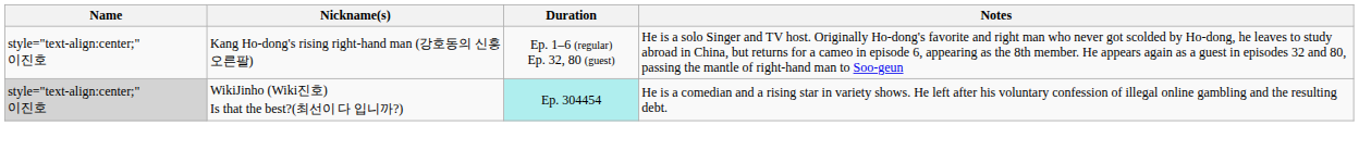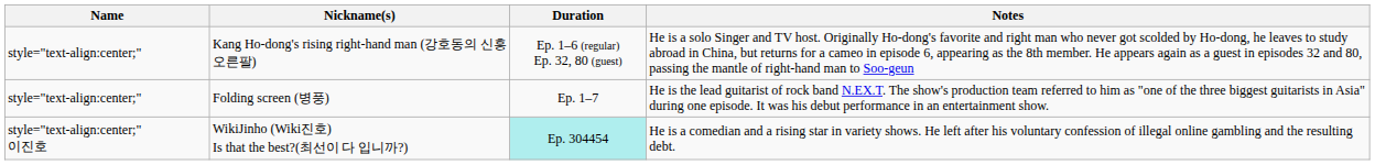 <table class="wikitable" style="font-size:95%">
 <tr>
 <th style="width:15%; text-align:center;">Name</th>
 <th style="width:22%; text-align:center;">Nickname(s)</th>
 <th style="width:10%; text-align:center;">Duration</th>
 <th style="width:55%; text-align:center;">Notes</th>
 </tr>
 <tr>
-<td>style="text-align:center;" <br>이진호</td>
+<td>style="text-align:center;" </td>
 <td>Kang Ho-dong's rising right-hand man (강호동의 신흥 오른팔)</td>
 <td style="text-align:center;">Ep. 1–6 <small>(regular)</small><br> Ep. 32, 80 <small>(guest)</small></td>
 <td>He is a solo Singer and TV host. Originally Ho-dong's favorite and right man who never got scolded by Ho-dong, he leaves to study abroad in China, but returns for a cameo in episode 6, appearing as the 8th member. He appears again as a guest in episodes 32 and 80, passing the mantle of right-hand man to <a href='#'>Soo-geun</a></td>
 </tr>
 <tr>
-<td style="background: lightgrey;">style="text-align:center;" <br>이진호</td>
+<td>style="text-align:center;" </td>
+<td>Folding screen (병풍)</td>
+<td style="text-align:center;">Ep. 1–7</td>
+<td>He is the lead guitarist of rock band <a href='#'>N.EX.T</a>. The show's production team referred to him as "one of the three biggest guitarists in Asia" during one episode. It was his debut performance in an entertainment show.</td>
+</tr>
+<tr>
+<td>style="text-align:center;" <br>이진호</td>
 <td style="text-align:left;">WikiJinho (Wiki진호)<br>Is that the best?(최선이 다 입니까?)</td>
 <td style="background: paleturquoise; text-align:center;">Ep. 304454</td>
 <td style="text-align:left;">He is a comedian and a rising star in variety shows. He left after his voluntary confession of illegal online gambling and the resulting debt.</td>
 </tr>
 </table>
